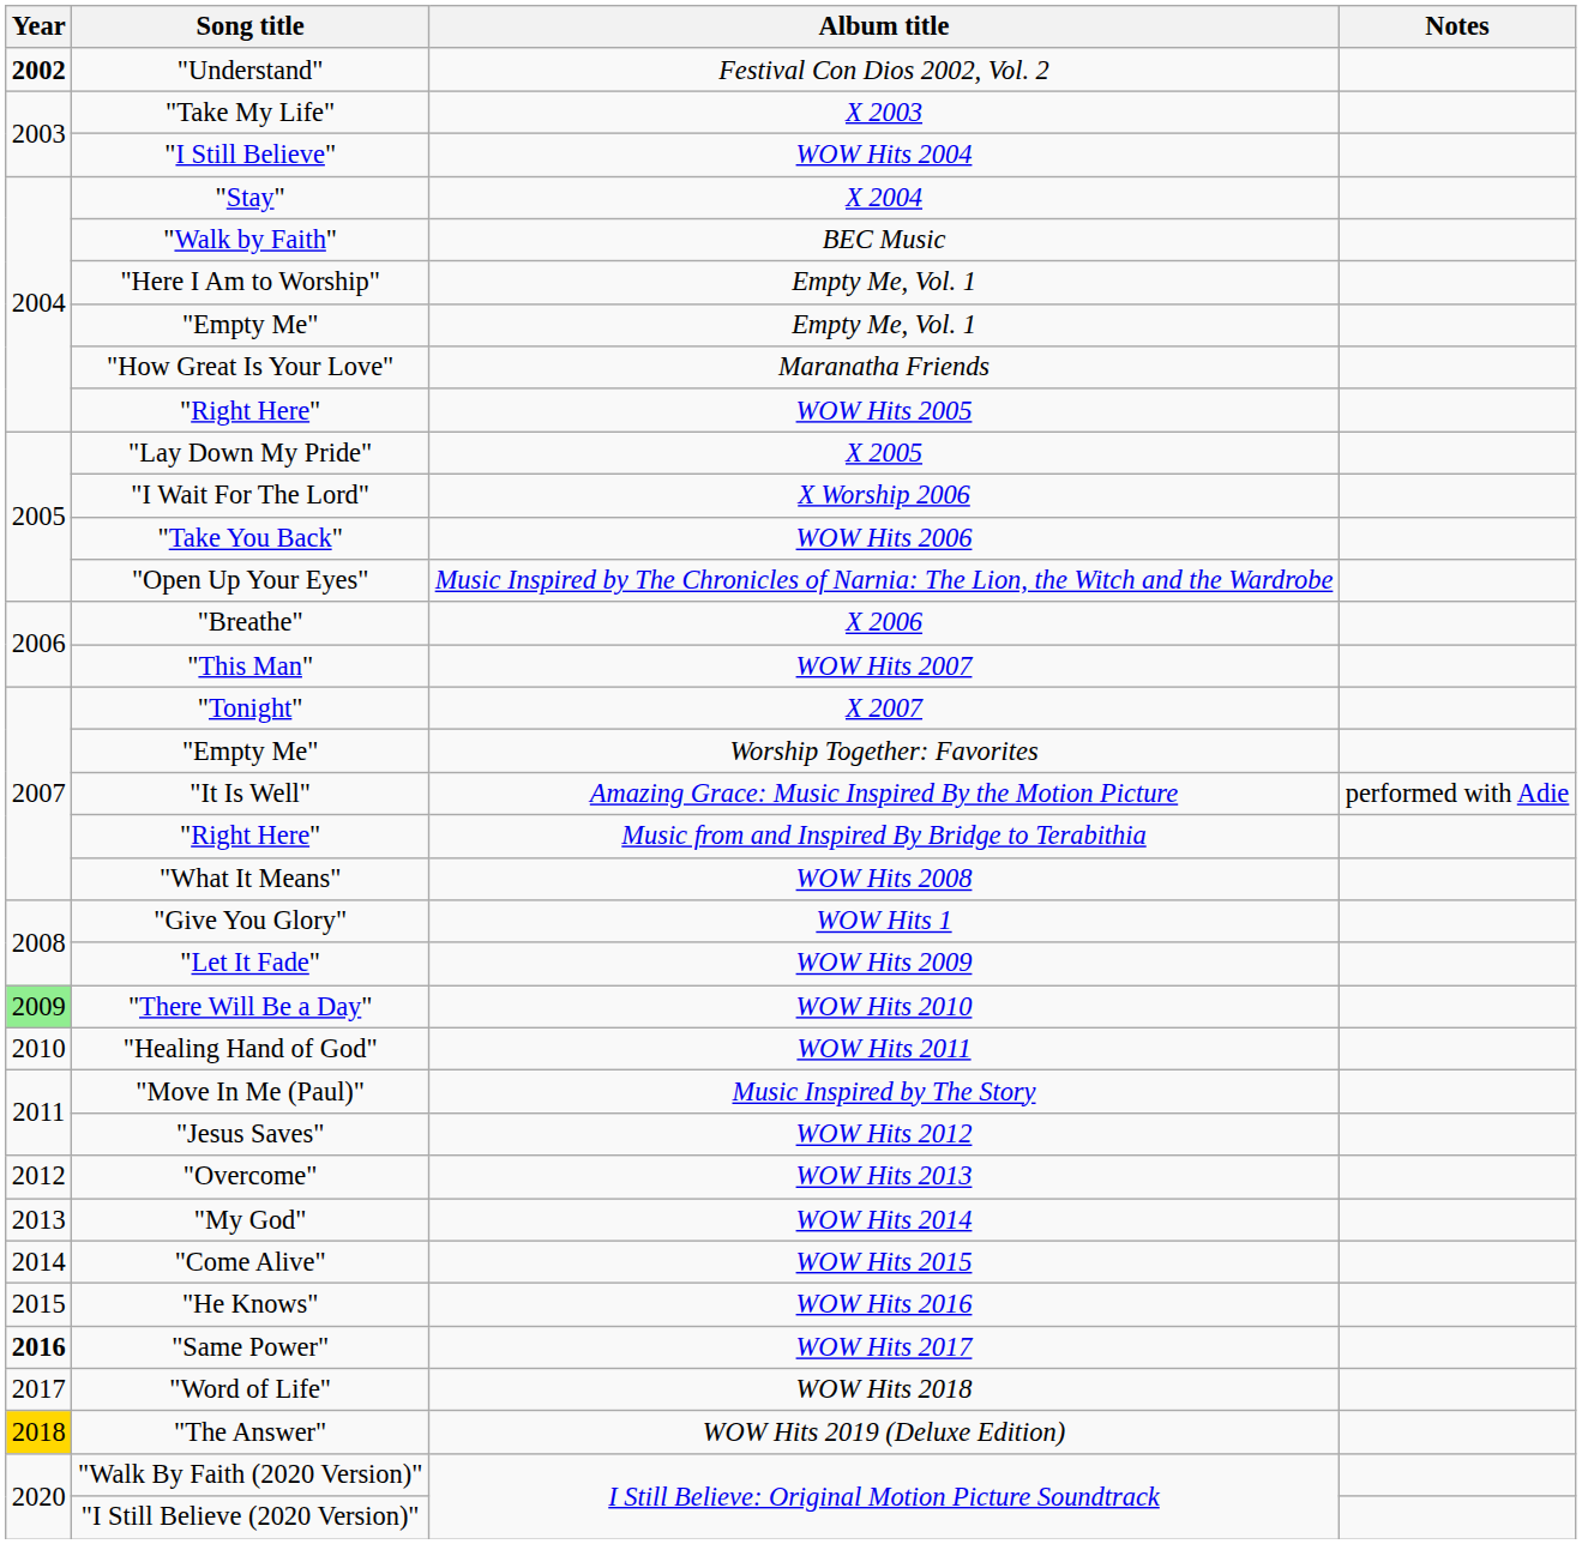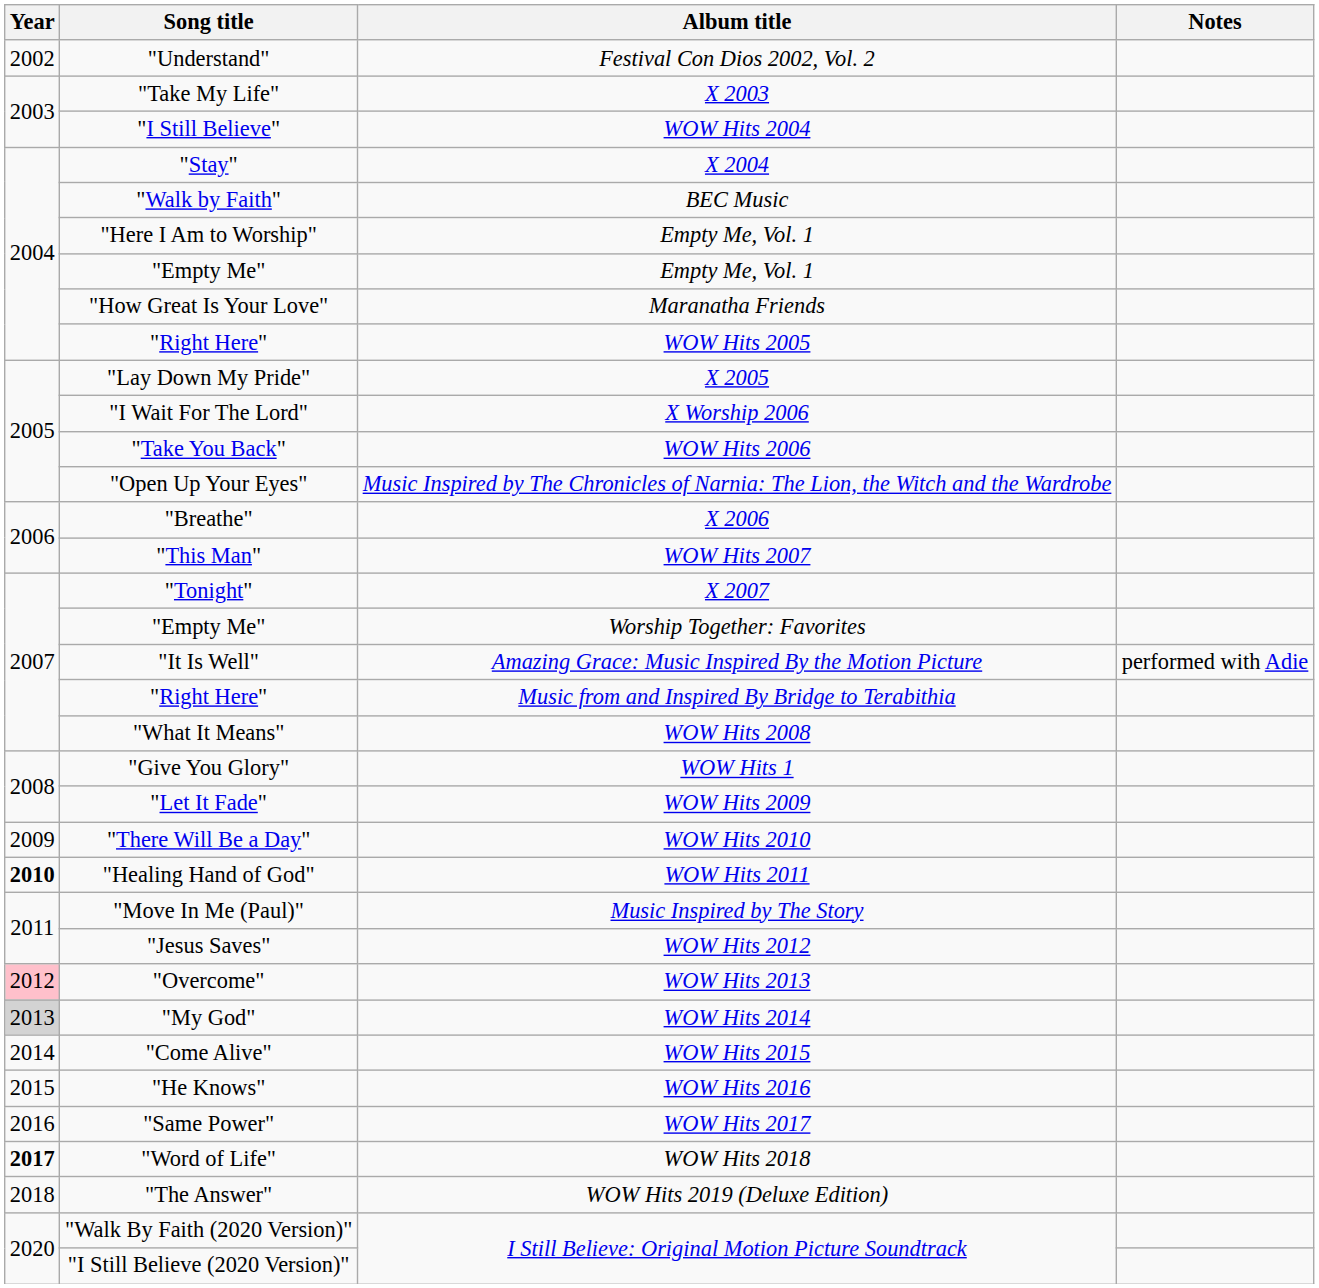 <table class="wikitable">
 <tr>
 <th style="text-align:center;">Year</th>
 <th style="text-align:center;">Song title</th>
 <th style="text-align:center;">Album title</th>
 <th style="text-align:center;">Notes</th>
 </tr>
 <tr>
-<td style="text-align:center;"><strong>2002</strong></td>
+<td style="text-align:center;">2002</td>
 <td style="text-align:center;">"Understand"</td>
 <td style="text-align:center;"><em>Festival Con Dios 2002, Vol. 2</em></td>
 <td style="text-align:center;"></td>
 </tr>
 <tr>
 <td rowspan="2" style="text-align:center;">2003</td>
 <td style="text-align:center;">"Take My Life"</td>
 <td style="text-align:center;"><em><a href='#'>X 2003</a></em></td>
 <td style="text-align:center;"></td>
 </tr>
 <tr>
 <td style="text-align:center;">"<a href='#'>I Still Believe</a>"</td>
 <td style="text-align:center;"><em><a href='#'>WOW Hits 2004</a></em></td>
 <td style="text-align:center;"></td>
 </tr>
 <tr>
 <td rowspan="6" style="text-align:center;">2004</td>
 <td style="text-align:center;">"<a href='#'>Stay</a>"</td>
 <td style="text-align:center;"><em><a href='#'>X 2004</a></em></td>
 <td style="text-align:center;"></td>
 </tr>
 <tr>
 <td style="text-align:center;">"<a href='#'>Walk by Faith</a>"</td>
 <td style="text-align:center;"><em>BEC Music</em></td>
 <td style="text-align:center;"></td>
 </tr>
 <tr style="text-align:center;">
 <td>"Here I Am to Worship"</td>
 <td><em>Empty Me, Vol. 1</em></td>
 <td style="text-align:center;"></td>
 </tr>
 <tr style="text-align:center;">
 <td>"Empty Me"</td>
 <td><em>Empty Me, Vol. 1</em></td>
 <td style="text-align:center;"></td>
 </tr>
 <tr style="text-align:center;">
 <td>"How Great Is Your Love"</td>
 <td><em>Maranatha Friends</em></td>
 <td style="text-align:center;"></td>
 </tr>
 <tr>
 <td style="text-align:center;">"<a href='#'>Right Here</a>"</td>
 <td style="text-align:center;"><em><a href='#'>WOW Hits 2005</a></em></td>
 <td style="text-align:center;"></td>
 </tr>
 <tr>
 <td rowspan="4" style="text-align:center;">2005</td>
 <td style="text-align:center;">"Lay Down My Pride"</td>
 <td style="text-align:center;"><em><a href='#'>X 2005</a></em></td>
 <td style="text-align:center;"></td>
 </tr>
 <tr style="text-align:center;">
 <td>"I Wait For The Lord"</td>
 <td><em><a href='#'>X Worship 2006</a></em></td>
 <td style="text-align:center;"></td>
 </tr>
 <tr>
 <td style="text-align:center;">"<a href='#'>Take You Back</a>"</td>
 <td style="text-align:center;"><em><a href='#'>WOW Hits 2006</a></em></td>
 <td style="text-align:center;"></td>
 </tr>
 <tr style="text-align:center;">
 <td>"Open Up Your Eyes"</td>
 <td><em><a href='#'>Music Inspired by The Chronicles of Narnia: The Lion, the Witch and the Wardrobe</a></em></td>
 <td style="text-align:center;"></td>
 </tr>
 <tr>
 <td rowspan="2" style="text-align:center;">2006</td>
 <td style="text-align:center;">"Breathe"</td>
 <td style="text-align:center;"><em><a href='#'>X 2006</a></em></td>
 <td style="text-align:center;"></td>
 </tr>
 <tr>
 <td style="text-align:center;">"<a href='#'>This Man</a>"</td>
 <td style="text-align:center;"><em><a href='#'>WOW Hits 2007</a></em></td>
 <td style="text-align:center;"></td>
 </tr>
 <tr>
 <td rowspan="5" style="text-align:center;">2007</td>
 <td style="text-align:center;">"<a href='#'>Tonight</a>"</td>
 <td style="text-align:center;"><em><a href='#'>X 2007</a></em></td>
 <td style="text-align:center;"></td>
 </tr>
 <tr style="text-align:center;">
 <td>"Empty Me"</td>
 <td><em>Worship Together: Favorites</em></td>
 <td style="text-align:center;"></td>
 </tr>
 <tr>
 <td style="text-align:center;">"It Is Well"</td>
 <td style="text-align:center;"><em><a href='#'>Amazing Grace: Music Inspired By the Motion Picture</a></em></td>
 <td style="text-align:center;">performed with <a href='#'>Adie</a></td>
 </tr>
 <tr>
 <td style="text-align:center;">"<a href='#'>Right Here</a>"</td>
 <td style="text-align:center;"><em><a href='#'>Music from and Inspired By Bridge to Terabithia</a></em></td>
 <td style="text-align:center;"></td>
 </tr>
 <tr style="text-align:center;">
 <td>"What It Means"</td>
 <td><em><a href='#'>WOW Hits 2008</a></em></td>
 <td style="text-align:center;"></td>
 </tr>
 <tr style="text-align:center;">
 <td rowspan="2">2008</td>
 <td>"Give You Glory"</td>
 <td><em><a href='#'>WOW Hits 1</a></em></td>
 <td style="text-align:center;"></td>
 </tr>
 <tr style="text-align:center;">
 <td>"<a href='#'>Let It Fade</a>"</td>
 <td><em><a href='#'>WOW Hits 2009</a></em></td>
 <td style="text-align:center;"></td>
 </tr>
 <tr style="text-align:center;">
-<td style="background: lightgreen;">2009</td>
+<td>2009</td>
 <td>"<a href='#'>There Will Be a Day</a>"</td>
 <td><em><a href='#'>WOW Hits 2010</a></em></td>
 <td style="text-align:center;"></td>
 </tr>
 <tr style="text-align:center;">
-<td>2010</td>
+<td><strong>2010</strong></td>
 <td>"Healing Hand of God"</td>
 <td><em><a href='#'>WOW Hits 2011</a></em></td>
 <td style="text-align:center;"></td>
 </tr>
 <tr style="text-align:center;">
 <td rowspan="2">2011</td>
 <td>"Move In Me (Paul)"</td>
 <td><em><a href='#'>Music Inspired by The Story</a></em></td>
 <td style="text-align:center;"></td>
 </tr>
 <tr>
 <td style="text-align:center;">"Jesus Saves"</td>
 <td style="text-align:center;"><em><a href='#'>WOW Hits 2012</a></em></td>
 <td style="text-align:center;"></td>
 </tr>
 <tr>
-<td style="text-align:center;">2012</td>
+<td style="background: pink; text-align:center;">2012</td>
 <td style="text-align:center;">"Overcome"</td>
 <td style="text-align:center;"><em><a href='#'>WOW Hits 2013</a></em></td>
 <td style="text-align:center;"></td>
 </tr>
 <tr>
-<td style="text-align:center;">2013</td>
+<td style="background: lightgrey; text-align:center;">2013</td>
 <td style="text-align:center;">"My God"</td>
 <td style="text-align:center;"><em><a href='#'>WOW Hits 2014</a></em></td>
 <td style="text-align:center;"></td>
 </tr>
 <tr>
 <td style="text-align:center;">2014</td>
 <td style="text-align:center;">"Come Alive"</td>
 <td style="text-align:center;"><em><a href='#'>WOW Hits 2015</a></em></td>
 <td style="text-align:center;"></td>
 </tr>
 <tr>
 <td style="text-align:center;">2015</td>
 <td style="text-align:center;">"He Knows"</td>
 <td style="text-align:center;"><em><a href='#'>WOW Hits 2016</a></em></td>
 <td style="text-align:center;"></td>
 </tr>
 <tr>
-<td style="text-align:center;"><strong>2016</strong></td>
+<td style="text-align:center;">2016</td>
 <td style="text-align:center;">"Same Power"</td>
 <td style="text-align:center;"><em><a href='#'>WOW Hits 2017</a></em></td>
 <td style="text-align:center;"></td>
 </tr>
 <tr>
-<td style="text-align:center;">2017</td>
+<td style="text-align:center;"><strong>2017</strong></td>
 <td style="text-align:center;">"Word of Life"</td>
 <td style="text-align:center;"><em>WOW Hits 2018</em></td>
 <td></td>
 </tr>
 <tr>
-<td style="background: gold; text-align:center;">2018</td>
+<td style="text-align:center;">2018</td>
 <td style="text-align:center;">"The Answer"</td>
 <td style="text-align:center;"><em>WOW Hits 2019 (Deluxe Edition)</em></td>
 <td></td>
 </tr>
 <tr>
 <td style="text-align:center;" rowspan="2">2020</td>
 <td style="text-align:center;">"Walk By Faith (2020 Version)"</td>
 <td style="text-align:center;" rowspan="2"><em><a href='#'>I Still Believe: Original Motion Picture Soundtrack</a></em></td>
 <td></td>
 </tr>
 <tr>
 <td style="text-align:center;">"I Still Believe (2020 Version)"</td>
 <td></td>
 </tr>
 </table>
